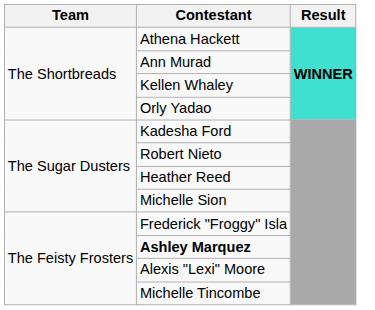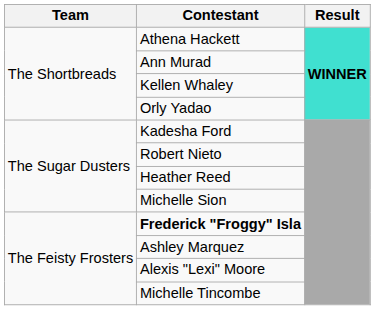 <table class="wikitable">
 <tr>
 <th>Team</th>
 <th>Contestant</th>
 <th>Result</th>
 </tr>
 <tr>
 <td rowspan=4 valign=center>The Shortbreads</td>
 <td>Athena Hackett</td>
 <td rowspan=4 align=center valign=center style="background:turquoise;"><strong>WINNER</strong></td>
 </tr>
 <tr>
 <td>Ann Murad</td>
 </tr>
 <tr>
 <td>Kellen Whaley</td>
 </tr>
 <tr>
 <td>Orly Yadao</td>
 </tr>
 <tr>
 <td rowspan=4 valign=center>The Sugar Dusters</td>
 <td>Kadesha Ford</td>
 <td rowspan=8 align=center valign=center style="background:darkgrey;"></td>
 </tr>
 <tr>
 <td>Robert Nieto</td>
 </tr>
 <tr>
 <td>Heather Reed</td>
 </tr>
 <tr>
 <td>Michelle Sion</td>
 </tr>
 <tr>
 <td rowspan=4 valign=center>The Feisty Frosters</td>
-<td>Frederick "Froggy" Isla</td>
+<td><strong>Frederick "Froggy" Isla</strong></td>
 </tr>
 <tr>
-<td><strong>Ashley Marquez</strong></td>
+<td>Ashley Marquez</td>
 </tr>
 <tr>
 <td>Alexis "Lexi" Moore</td>
 </tr>
 <tr>
 <td>Michelle Tincombe</td>
 </tr>
 </table>
